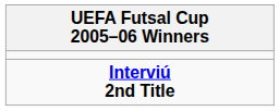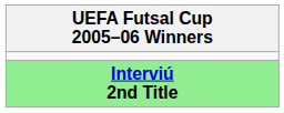 <table class="wikitable" style="text-align: center; margin: 0 auto; width: 20%">
 <tr>
 <th>UEFA Futsal Cup <br>2005–06 Winners</th>
 </tr>
 <tr>
 <td></td>
 </tr>
 <tr>
-<td><strong><a href='#'>Interviú</a></strong><br><strong>2nd Title</strong></td>
+<td style="background: lightgreen;"><strong><a href='#'>Interviú</a></strong><br><strong>2nd Title</strong></td>
 </tr>
 </table>
